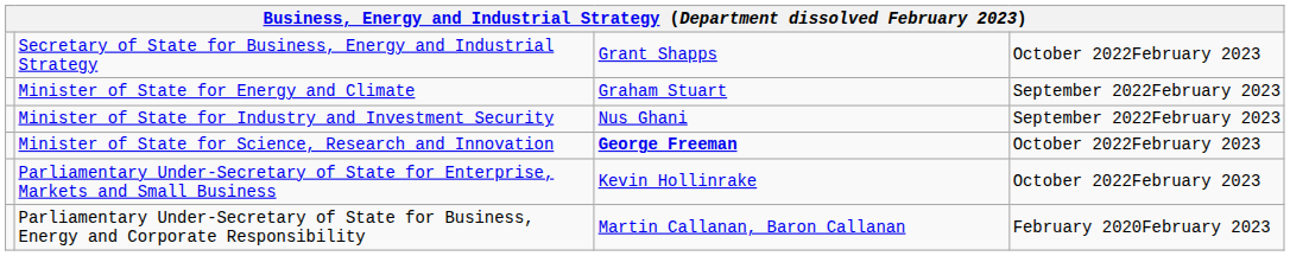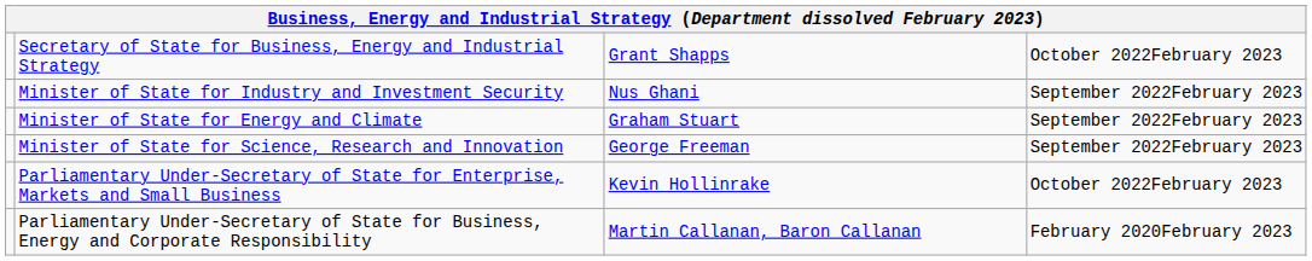 <table class="wikitable">
 <tr>
 <th colspan="4"><a href='#'>Business, Energy and Industrial Strategy</a> (<em>Department dissolved February 2023</em>)</th>
 </tr>
 <tr>
 <td rowspan="1" style="width: 1px; background: "></td>
 <td rowspan="1" style="width: 450px;"><a href='#'>Secretary of State for Business, Energy and Industrial Strategy</a></td>
 <td style="width: 320px;"><a href='#'>Grant Shapps</a></td>
 <td>October 2022February 2023</td>
 </tr>
 <tr>
 <td rowspan="1" style="width: 1px; background: "></td>
+<td rowspan="1"><a href='#'>Minister of State for Industry and Investment Security</a></td>
+<td><a href='#'>Nus Ghani</a></td>
+<td>September 2022February 2023</td>
+</tr>
+<tr>
+<td rowspan="1" style="width: 1px; background: "></td>
 <td rowspan="1"><a href='#'>Minister of State for Energy and Climate</a></td>
 <td><a href='#'>Graham Stuart</a></td>
 <td>September 2022February 2023</td>
 </tr>
 <tr>
 <td rowspan="1" style="width: 1px; background: "></td>
-<td rowspan="1"><a href='#'>Minister of State for Industry and Investment Security</a></td>
-<td><a href='#'>Nus Ghani</a></td>
+<td rowspan="1"><a href='#'>Minister of State for Science, Research and Innovation</a></td>
+<td><a href='#'>George Freeman</a></td>
 <td>September 2022February 2023</td>
-</tr>
-<tr>
-<td rowspan="1" style="width: 1px; background: "></td>
-<td rowspan="1"><a href='#'>Minister of State for Science, Research and Innovation</a></td>
-<td><strong><a href='#'>George Freeman</a></strong></td>
-<td>October 2022February 2023</td>
 </tr>
 <tr>
 <td rowspan="1" style="width: 1px; background: "></td>
 <td rowspan="1"><a href='#'>Parliamentary Under-Secretary of State for Enterprise, Markets and Small Business</a></td>
 <td><a href='#'>Kevin Hollinrake</a></td>
 <td>October 2022February 2023</td>
 </tr>
 <tr>
 <td style="width: 1px; background: "></td>
 <td>Parliamentary Under-Secretary of State for Business, Energy and Corporate Responsibility</td>
 <td><a href='#'>Martin Callanan, Baron Callanan</a></td>
 <td>February 2020February 2023</td>
 </tr>
 </table>
